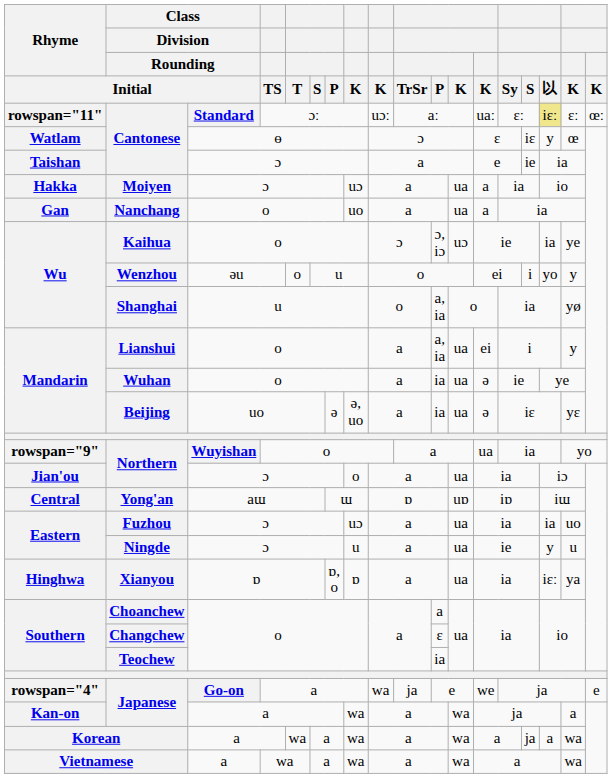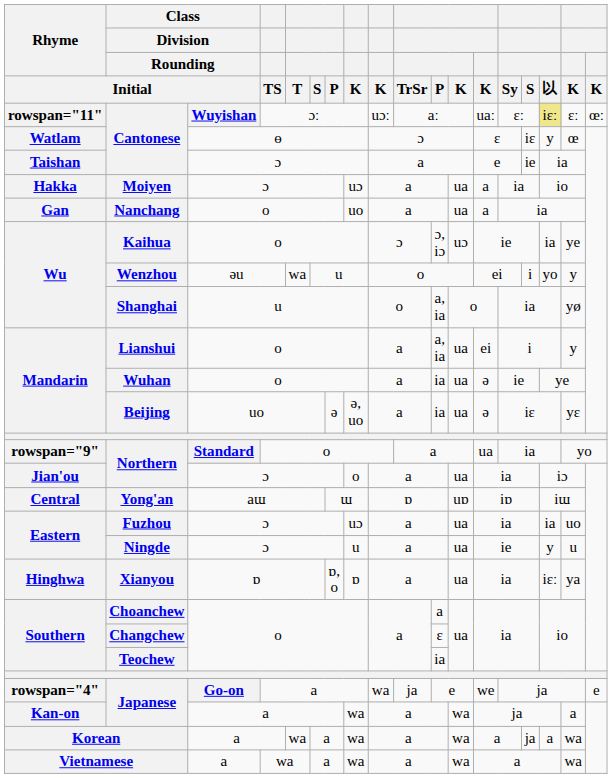 <table class="wikitable" style="text-align: center;">
 <tr>
 <th rowspan="3">Rhyme</th>
 <th colspan="2">Class</th>
 <th></th>
 <th colspan="3"></th>
 <th></th>
 <th></th>
 <th colspan="4"></th>
 <th colspan="3"></th>
 <th colspan="2"></th>
 </tr>
 <tr>
 <th colspan="2">Division</th>
 <th></th>
 <th colspan="3"></th>
 <th></th>
 <th></th>
 <th colspan="4"></th>
 <th colspan="3"></th>
 <th colspan="2"></th>
 </tr>
 <tr>
 <th colspan="2">Rounding</th>
 <th></th>
 <th colspan="3"></th>
 <th></th>
 <th></th>
 <th colspan="3"></th>
 <th></th>
 <th colspan="3"></th>
 <th></th>
 <th></th>
 </tr>
 <tr>
 <th colspan="3">Initial</th>
 <th>TS</th>
 <th>T</th>
 <th>S</th>
 <th>P</th>
 <th>K</th>
 <th>K</th>
 <th>TrSr</th>
 <th>P</th>
 <th>K</th>
 <th>K</th>
 <th>Sy</th>
 <th>S</th>
 <th>以</th>
 <th>K</th>
 <th>K</th>
 </tr>
 <tr>
 <th>rowspan="11" </th>
 <th rowspan="3"><a href='#'>Cantonese</a></th>
-<th><a href='#'>Standard</a></th>
+<th><a href='#'>Wuyishan</a></th>
 <td colspan="5">ɔː</td>
 <td>uɔː</td>
 <td colspan="3">aː</td>
 <td>uaː</td>
 <td colspan="2">ɛː</td>
 <td style="background: khaki;">iɛː</td>
 <td>ɛː</td>
 <td>œː</td>
 </tr>
 <tr>
 <th><a href='#'>Watlam</a></th>
 <td colspan="6">ɵ</td>
 <td colspan="4">ɔ</td>
 <td colspan="2">ɛ</td>
 <td>iɛ</td>
 <td>y</td>
 <td>œ</td>
 </tr>
 <tr>
 <th><a href='#'>Taishan</a></th>
 <td colspan="6">ɔ</td>
 <td colspan="4">a</td>
 <td colspan="2">e</td>
 <td>ie</td>
 <td colspan="2">ia</td>
 </tr>
 <tr>
 <th><a href='#'>Hakka</a></th>
 <th><a href='#'>Moiyen</a></th>
 <td colspan="5">ɔ</td>
 <td>uɔ</td>
 <td colspan="3">a</td>
 <td>ua</td>
 <td>a</td>
 <td colspan="2">ia</td>
 <td colspan="2">io</td>
 </tr>
 <tr>
 <th><a href='#'>Gan</a></th>
 <th><a href='#'>Nanchang</a></th>
 <td colspan="5">o</td>
 <td>uo</td>
 <td colspan="3">a</td>
 <td>ua</td>
 <td>a</td>
 <td colspan="4">ia</td>
 </tr>
 <tr>
 <th rowspan="3"><a href='#'>Wu</a></th>
 <th><a href='#'>Kaihua</a></th>
 <td colspan="6">o</td>
 <td colspan="2">ɔ</td>
 <td>ɔ,<br>iɔ</td>
 <td>uɔ</td>
 <td colspan="3">ie</td>
 <td>ia</td>
 <td>ye</td>
 </tr>
 <tr>
 <th><a href='#'>Wenzhou</a></th>
 <td colspan="2">əu</td>
-<td>o</td>
+<td>wa</td>
 <td colspan="3">u</td>
 <td colspan="4">o</td>
 <td colspan="2">ei</td>
 <td>i</td>
 <td>yo</td>
 <td>y</td>
 </tr>
 <tr>
 <th><a href='#'>Shanghai</a></th>
 <td colspan="6">u</td>
 <td colspan="2">o</td>
 <td>a,<br>ia</td>
 <td colspan="2">o</td>
 <td colspan="3">ia</td>
 <td>yø</td>
 </tr>
 <tr>
 <th rowspan="3"><a href='#'>Mandarin</a></th>
 <th><a href='#'>Lianshui</a></th>
 <td colspan="6">o</td>
 <td colspan="2">a</td>
 <td>a,<br>ia</td>
 <td>ua</td>
 <td>ei</td>
 <td colspan="3">i</td>
 <td>y</td>
 </tr>
 <tr>
 <th><a href='#'>Wuhan</a></th>
 <td colspan="6">o</td>
 <td colspan="2">a</td>
 <td>ia</td>
 <td>ua</td>
 <td>ə</td>
 <td colspan="2">ie</td>
 <td colspan="2">ye</td>
 </tr>
 <tr>
 <th><a href='#'>Beijing</a></th>
 <td colspan="4">uo</td>
 <td>ə</td>
 <td>ə,<br>uo</td>
 <td colspan="2">a</td>
 <td>ia</td>
 <td>ua</td>
 <td>ə</td>
 <td colspan="3">iɛ</td>
 <td>yɛ</td>
 </tr>
 <tr>
 <th colspan="18"></th>
 </tr>
 <tr>
 <th>rowspan="9" </th>
 <th rowspan="2"><a href='#'>Northern</a></th>
-<th><a href='#'>Wuyishan</a></th>
+<th><a href='#'>Standard</a></th>
 <td colspan="6">o</td>
 <td colspan="3">a</td>
 <td>ua</td>
 <td colspan="3">ia</td>
 <td colspan="2">yo</td>
 </tr>
 <tr>
 <th><a href='#'>Jian'ou</a></th>
 <td colspan="5">ɔ</td>
 <td>o</td>
 <td colspan="3">a</td>
 <td>ua</td>
 <td colspan="3">ia</td>
 <td colspan="2">iɔ</td>
 </tr>
 <tr>
 <th><a href='#'>Central</a></th>
 <th><a href='#'>Yong'an</a></th>
 <td colspan="4">aɯ</td>
 <td colspan="2">ɯ</td>
 <td colspan="3">ɒ</td>
 <td>uɒ</td>
 <td colspan="3">iɒ</td>
 <td colspan="2">iɯ</td>
 </tr>
 <tr>
 <th rowspan="2"><a href='#'>Eastern</a></th>
 <th><a href='#'>Fuzhou</a></th>
 <td colspan="5">ɔ</td>
 <td>uɔ</td>
 <td colspan="3">a</td>
 <td>ua</td>
 <td colspan="3">ia</td>
 <td>ia</td>
 <td>uo</td>
 </tr>
 <tr>
 <th><a href='#'>Ningde</a></th>
 <td colspan="5">ɔ</td>
 <td>u</td>
 <td colspan="3">a</td>
 <td>ua</td>
 <td colspan="3">ie</td>
 <td>y</td>
 <td>u</td>
 </tr>
 <tr>
 <th><a href='#'>Hinghwa</a></th>
 <th><a href='#'>Xianyou</a></th>
 <td colspan="4">ɒ</td>
 <td>ɒ,<br>o</td>
 <td>ɒ</td>
 <td colspan="3">a</td>
 <td>ua</td>
 <td colspan="3">ia</td>
 <td>iɛː</td>
 <td>ya</td>
 </tr>
 <tr>
 <th rowspan="3"><a href='#'>Southern</a></th>
 <th><a href='#'>Choanchew</a></th>
 <td colspan="6" rowspan="3">o</td>
 <td colspan="2" rowspan="3">a</td>
 <td>a</td>
 <td rowspan="3">ua</td>
 <td colspan="3" rowspan="3">ia</td>
 <td colspan="2" rowspan="3">io</td>
 </tr>
 <tr>
 <th><a href='#'>Changchew</a></th>
 <td>ɛ</td>
 </tr>
 <tr>
 <th><a href='#'>Teochew</a></th>
 <td>ia</td>
 </tr>
 <tr>
 <th colspan="18"></th>
 </tr>
 <tr>
 <th>rowspan="4" </th>
 <th rowspan="2"><a href='#'>Japanese</a></th>
 <th><a href='#'>Go-on</a></th>
 <td colspan="5">a</td>
 <td>wa</td>
 <td>ja</td>
 <td colspan="2">e</td>
 <td>we</td>
 <td colspan="4">ja</td>
 <td>e</td>
 </tr>
 <tr>
 <th><a href='#'>Kan-on</a></th>
 <td colspan="5">a</td>
 <td>wa</td>
 <td colspan="3">a</td>
 <td>wa</td>
 <td colspan="4">ja</td>
 <td>a</td>
 </tr>
 <tr>
 <th colspan="2"><a href='#'>Korean</a></th>
 <td colspan="2">a</td>
 <td>wa</td>
 <td colspan="2">a</td>
 <td>wa</td>
 <td colspan="3">a</td>
 <td>wa</td>
 <td colspan="2">a</td>
 <td>ja</td>
 <td>a</td>
 <td>wa</td>
 </tr>
 <tr>
 <th colspan="2"><a href='#'>Vietnamese</a></th>
 <td>a</td>
 <td colspan="2">wa</td>
 <td colspan="2">a</td>
 <td>wa</td>
 <td colspan="3">a</td>
 <td>wa</td>
 <td colspan="4">a</td>
 <td>wa</td>
 </tr>
 </table>
